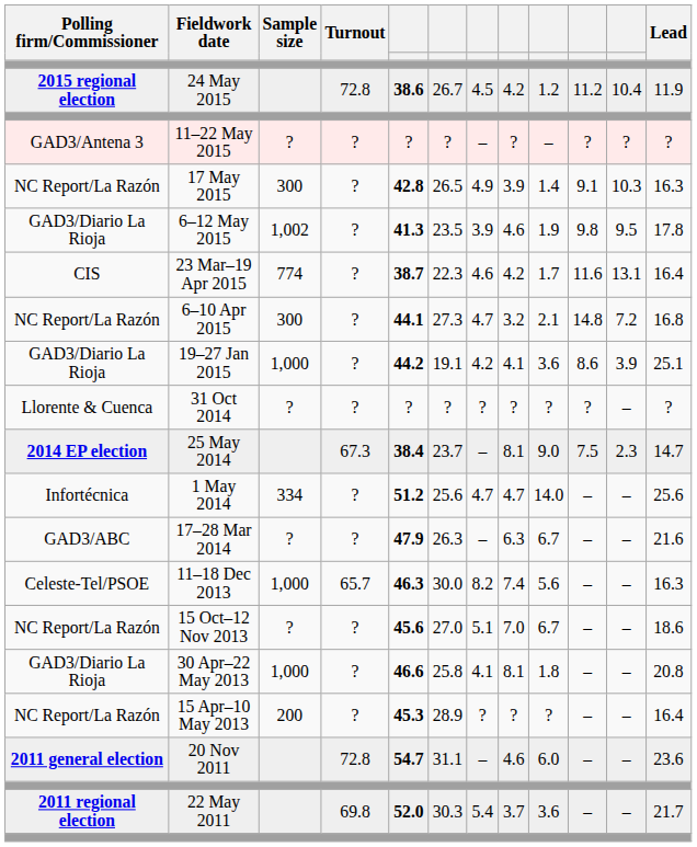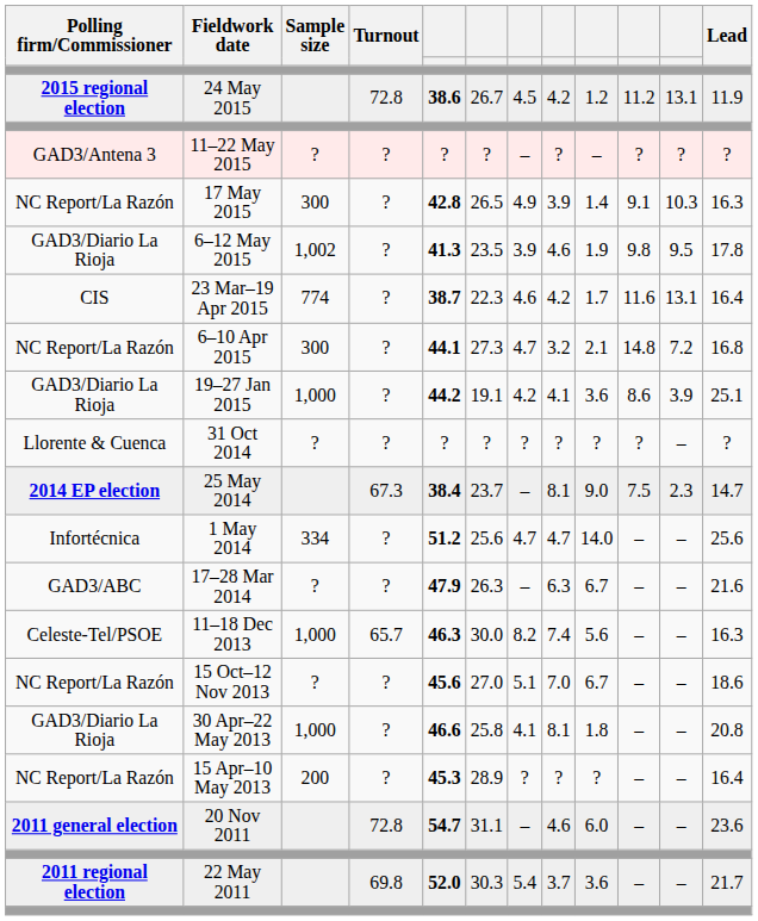 <table class="wikitable collapsible collapsed" style="text-align:center; font-size:95%; line-height:16px;">
 <tr style="height:42px;">
 <th style="width:250px;" rowspan="2">Polling firm/Commissioner</th>
 <th style="width:125px;" rowspan="2">Fieldwork date</th>
 <th style="width:50px;" rowspan="2">Sample size</th>
 <th style="width:45px;" rowspan="2">Turnout</th>
 <th style="width:35px;"></th>
 <th style="width:35px;"></th>
 <th style="width:35px;"></th>
 <th style="width:35px;"></th>
 <th style="width:35px;"></th>
 <th style="width:35px;"></th>
 <th style="width:35px;"></th>
 <th style="width:30px;" rowspan="2">Lead</th>
 </tr>
 <tr>
 <th style="color:inherit;background:"></th>
 <th style="color:inherit;background:"></th>
 <th style="color:inherit;background:"></th>
 <th style="color:inherit;background:"></th>
 <th style="color:inherit;background:"></th>
 <th style="color:inherit;background:"></th>
 <th style="color:inherit;background:"></th>
 </tr>
 <tr>
 <td colspan="12" style="background:#A0A0A0"></td>
 </tr>
 <tr style="background:#EFEFEF;">
 <td><strong><a href='#'>2015 regional election</a></strong></td>
 <td>24 May 2015</td>
 <td></td>
 <td>72.8</td>
 <td><strong>38.6</strong><br></td>
 <td>26.7<br></td>
 <td>4.5<br></td>
 <td>4.2<br></td>
 <td>1.2<br></td>
 <td>11.2<br></td>
-<td>10.4<br></td>
+<td>13.1<br></td>
 <td style="background:">11.9</td>
 </tr>
 <tr>
 <td colspan="12" style="background:#A0A0A0"></td>
 </tr>
 <tr style="background:#FFEAEA;">
 <td>GAD3/Antena 3</td>
 <td>11–22 May 2015</td>
 <td>?</td>
 <td>?</td>
 <td>?<br></td>
 <td>?<br></td>
 <td>–</td>
 <td>?<br></td>
 <td>–</td>
 <td>?<br></td>
 <td>?<br></td>
 <td style="background:">?</td>
 </tr>
 <tr>
 <td>NC Report/La Razón</td>
 <td>17 May 2015</td>
 <td>300</td>
 <td>?</td>
 <td><strong>42.8</strong><br></td>
 <td>26.5<br></td>
 <td>4.9<br></td>
 <td>3.9<br></td>
 <td>1.4<br></td>
 <td>9.1<br></td>
 <td>10.3<br></td>
 <td style="background:">16.3</td>
 </tr>
 <tr>
 <td>GAD3/Diario La Rioja</td>
 <td>6–12 May 2015</td>
 <td>1,002</td>
 <td>?</td>
 <td><strong>41.3</strong><br></td>
 <td>23.5<br></td>
 <td>3.9<br></td>
 <td>4.6<br></td>
 <td>1.9<br></td>
 <td>9.8<br></td>
 <td>9.5<br></td>
 <td style="background:">17.8</td>
 </tr>
 <tr>
 <td>CIS</td>
 <td>23 Mar–19 Apr 2015</td>
 <td>774</td>
 <td>?</td>
 <td><strong>38.7</strong><br></td>
 <td>22.3<br></td>
 <td>4.6<br></td>
 <td>4.2<br></td>
 <td>1.7<br></td>
 <td>11.6<br></td>
 <td>13.1<br></td>
 <td style="background:">16.4</td>
 </tr>
 <tr>
 <td>NC Report/La Razón</td>
 <td>6–10 Apr 2015</td>
 <td>300</td>
 <td>?</td>
 <td><strong>44.1</strong><br></td>
 <td>27.3<br></td>
 <td>4.7<br></td>
 <td>3.2<br></td>
 <td>2.1<br></td>
 <td>14.8<br></td>
 <td>7.2<br></td>
 <td style="background:">16.8</td>
 </tr>
 <tr>
 <td>GAD3/Diario La Rioja</td>
 <td>19–27 Jan 2015</td>
 <td>1,000</td>
 <td>?</td>
 <td><strong>44.2</strong><br></td>
 <td>19.1<br></td>
 <td>4.2<br></td>
 <td>4.1<br></td>
 <td>3.6<br></td>
 <td>8.6<br></td>
 <td>3.9<br></td>
 <td style="background:">25.1</td>
 </tr>
 <tr>
 <td>Llorente & Cuenca</td>
 <td>31 Oct 2014</td>
 <td>?</td>
 <td>?</td>
 <td>?<br></td>
 <td>?<br></td>
 <td>?<br></td>
 <td>?<br></td>
 <td>?<br></td>
 <td>?<br></td>
 <td>–</td>
 <td style="background:">?</td>
 </tr>
 <tr style="background:#EFEFEF;">
 <td><strong><a href='#'>2014 EP election</a></strong></td>
 <td>25 May 2014</td>
 <td></td>
 <td>67.3</td>
 <td><strong>38.4</strong><br></td>
 <td>23.7<br></td>
 <td>–</td>
 <td>8.1<br></td>
 <td>9.0<br></td>
 <td>7.5<br></td>
 <td>2.3<br></td>
 <td style="background:">14.7</td>
 </tr>
 <tr>
 <td>Infortécnica</td>
 <td>1 May 2014</td>
 <td>334</td>
 <td>?</td>
 <td><strong>51.2</strong><br></td>
 <td>25.6<br></td>
 <td>4.7<br></td>
 <td>4.7<br></td>
 <td>14.0<br></td>
 <td>–</td>
 <td>–</td>
 <td style="background:">25.6</td>
 </tr>
 <tr>
 <td>GAD3/ABC</td>
 <td>17–28 Mar 2014</td>
 <td>?</td>
 <td>?</td>
 <td><strong>47.9</strong><br></td>
 <td>26.3<br></td>
 <td>–</td>
 <td>6.3<br></td>
 <td>6.7<br></td>
 <td>–</td>
 <td>–</td>
 <td style="background:">21.6</td>
 </tr>
 <tr>
 <td>Celeste-Tel/PSOE</td>
 <td>11–18 Dec 2013</td>
 <td>1,000</td>
 <td>65.7</td>
 <td><strong>46.3</strong><br></td>
 <td>30.0<br></td>
 <td>8.2<br></td>
 <td>7.4<br></td>
 <td>5.6<br></td>
 <td>–</td>
 <td>–</td>
 <td style="background:">16.3</td>
 </tr>
 <tr>
 <td>NC Report/La Razón</td>
 <td>15 Oct–12 Nov 2013</td>
 <td>?</td>
 <td>?</td>
 <td><strong>45.6</strong><br></td>
 <td>27.0<br></td>
 <td>5.1<br></td>
 <td>7.0<br></td>
 <td>6.7<br></td>
 <td>–</td>
 <td>–</td>
 <td style="background:">18.6</td>
 </tr>
 <tr>
 <td>GAD3/Diario La Rioja</td>
 <td>30 Apr–22 May 2013</td>
 <td>1,000</td>
 <td>?</td>
 <td><strong>46.6</strong><br></td>
 <td>25.8<br></td>
 <td>4.1<br></td>
 <td>8.1<br></td>
 <td>1.8<br></td>
 <td>–</td>
 <td>–</td>
 <td style="background:">20.8</td>
 </tr>
 <tr>
 <td>NC Report/La Razón</td>
 <td>15 Apr–10 May 2013</td>
 <td>200</td>
 <td>?</td>
 <td><strong>45.3</strong><br></td>
 <td>28.9<br></td>
 <td>?<br></td>
 <td>?<br></td>
 <td>?<br></td>
 <td>–</td>
 <td>–</td>
 <td style="background:">16.4</td>
 </tr>
 <tr style="background:#EFEFEF;">
 <td><strong><a href='#'>2011 general election</a></strong></td>
 <td>20 Nov 2011</td>
 <td></td>
 <td>72.8</td>
 <td><strong>54.7</strong><br></td>
 <td>31.1<br></td>
 <td>–</td>
 <td>4.6<br></td>
 <td>6.0<br></td>
 <td>–</td>
 <td>–</td>
 <td style="background:">23.6</td>
 </tr>
 <tr>
 <td colspan="12" style="background:#A0A0A0"></td>
 </tr>
 <tr style="background:#EFEFEF;">
 <td><strong><a href='#'>2011 regional election</a></strong></td>
 <td>22 May 2011</td>
 <td></td>
 <td>69.8</td>
 <td><strong>52.0</strong><br></td>
 <td>30.3<br></td>
 <td>5.4<br></td>
 <td>3.7<br></td>
 <td>3.6<br></td>
 <td>–</td>
 <td>–</td>
 <td style="background:">21.7</td>
 </tr>
 <tr>
 <td colspan="12" style="background:#A0A0A0"></td>
 </tr>
 </table>
